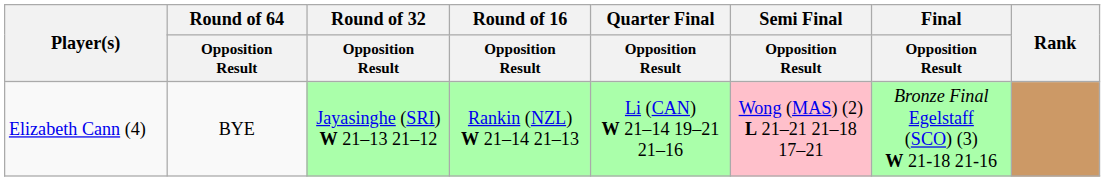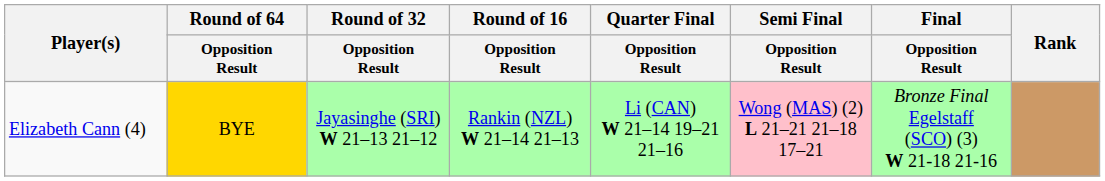 <table class=wikitable style="font-size:90%">
 <tr>
 <th rowspan="2" style="width:150px;">Player(s)</th>
 <th width=125>Round of 64</th>
 <th width=125>Round of 32</th>
 <th width=125>Round of 16</th>
 <th width=125>Quarter Final</th>
 <th width=125>Semi Final</th>
 <th width=125>Final</th>
 <th rowspan="2" style="width:75px;">Rank</th>
 </tr>
 <tr>
 <th style="line-height:1em"><small>Opposition<br>Result</small></th>
 <th style="line-height:1em"><small>Opposition<br>Result</small></th>
 <th style="line-height:1em"><small>Opposition<br>Result</small></th>
 <th style="line-height:1em"><small>Opposition<br>Result</small></th>
 <th style="line-height:1em"><small>Opposition<br>Result</small></th>
 <th style="line-height:1em"><small>Opposition<br>Result</small></th>
 </tr>
 <tr>
 <td><a href='#'>Elizabeth Cann</a> (4)</td>
-<td style="text-align:center;">BYE</td>
+<td style="background: gold; text-align:center;">BYE</td>
 <td style="text-align:center; background:#afa;"> <a href='#'>Jayasinghe</a> (<a href='#'>SRI</a>)<br><strong>W</strong> 21–13 21–12</td>
 <td style="text-align:center; background:#afa;"> <a href='#'>Rankin</a> (<a href='#'>NZL</a>)<br><strong>W</strong> 21–14 21–13</td>
 <td style="text-align:center; background:#afa;"> <a href='#'>Li</a> (<a href='#'>CAN</a>)<br><strong>W</strong> 21–14 19–21 21–16</td>
 <td style="text-align:center; background:pink;"> <a href='#'>Wong</a> (<a href='#'>MAS</a>) (2)<br><strong>L</strong> 21–21 21–18 17–21</td>
 <td style="text-align:center; background:#afa;"><em>Bronze Final</em><br> <a href='#'>Egelstaff</a><br>(<a href='#'>SCO</a>) (3)<br><strong>W</strong> 21-18 21-16</td>
 <td style="text-align:center; background:#c96;"></td>
 </tr>
 </table>
